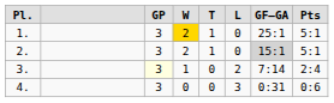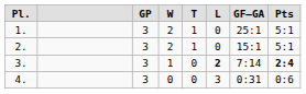 <table class="wikitable" width="60%">
 <tr style="font-weight:bold; background-color:#e0e0e0;" align="center" |>
 <td width="5%">Pl.</td>
 <td width="20%"></td>
 <td width="5%">GP</td>
 <td width="5%">W</td>
 <td width="5%">T</td>
 <td width="5%">L</td>
 <td width="5%">GF–GA</td>
 <td width="5%">Pts</td>
 </tr>
 <tr align="center">
 <td>1.</td>
 <td align="left"></td>
 <td>3</td>
-<td style="background: gold;">2</td>
+<td>2</td>
 <td>1</td>
 <td>0</td>
 <td>25:1</td>
 <td>5:1</td>
 </tr>
 <tr align="center">
 <td>2.</td>
 <td align="left"></td>
 <td>3</td>
 <td>2</td>
 <td>1</td>
 <td>0</td>
-<td style="background: lightgrey;">15:1</td>
+<td>15:1</td>
 <td>5:1</td>
 </tr>
 <tr align="center">
 <td>3.</td>
 <td align="left"></td>
-<td style="background: lightyellow;">3</td>
+<td>3</td>
 <td>1</td>
 <td>0</td>
-<td>2</td>
+<td><strong>2</strong></td>
 <td>7:14</td>
-<td>2:4</td>
+<td><strong>2:4</strong></td>
 </tr>
 <tr align="center">
 <td>4.</td>
 <td align="left"></td>
 <td>3</td>
 <td>0</td>
 <td>0</td>
 <td>3</td>
 <td>0:31</td>
 <td>0:6</td>
 </tr>
 </table>
